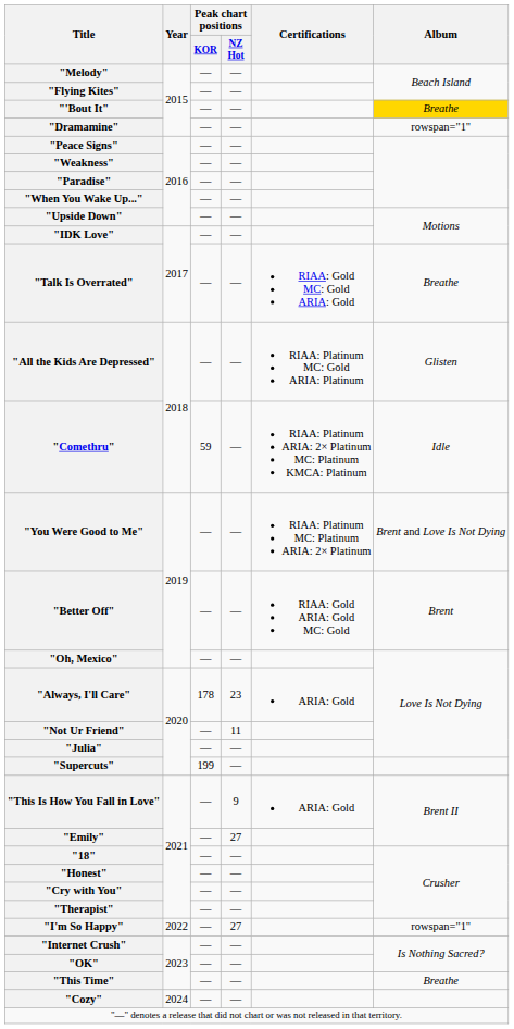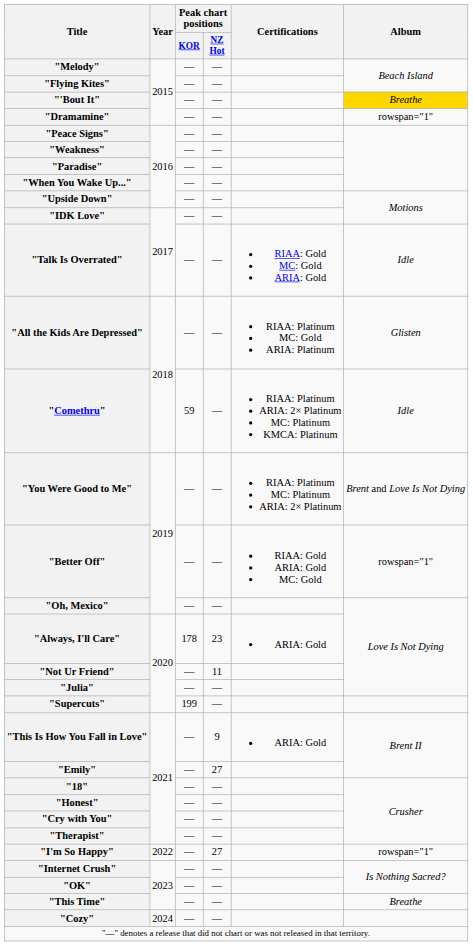 <table class="wikitable plainrowheaders" style="text-align:center;">
 <tr>
 <th scope="col" rowspan="2">Title</th>
 <th scope="col" rowspan="2">Year</th>
 <th colspan="2">Peak chart positions</th>
 <th rowspan="2">Certifications</th>
 <th scope="col" rowspan="2">Album</th>
 </tr>
 <tr>
 <th scope="col" style="width:2.5em;font-size:90%;"><a href='#'>KOR</a><br></th>
 <th scope="col" style="width:2.5em;font-size:90%;"><a href='#'>NZ<br>Hot</a><br></th>
 </tr>
 <tr>
 <th scope="row">"Melody"</th>
 <td rowspan="4">2015</td>
 <td>—</td>
 <td>—</td>
 <td></td>
 <td rowspan="2"><em>Beach Island</em></td>
 </tr>
 <tr>
 <th scope="row">"Flying Kites"</th>
 <td>—</td>
 <td>—</td>
 <td></td>
 </tr>
 <tr>
 <th scope="row">"'Bout It"<br></th>
 <td>—</td>
 <td>—</td>
 <td></td>
 <td style="background: gold;"><em>Breathe</em></td>
 </tr>
 <tr>
 <th scope="row">"Dramamine"</th>
 <td>—</td>
 <td>—</td>
 <td></td>
 <td>rowspan="1" </td>
 </tr>
 <tr>
 <th scope="row">"Peace Signs"</th>
 <td rowspan="5">2016</td>
 <td>—</td>
 <td>—</td>
 <td></td>
 </tr>
 <tr>
 <th scope="row">"Weakness"</th>
 <td>—</td>
 <td>—</td>
 <td></td>
 </tr>
 <tr>
 <th scope="row">"Paradise"<br></th>
 <td>—</td>
 <td>—</td>
 <td></td>
 </tr>
 <tr>
 <th scope="row">"When You Wake Up..."</th>
 <td>—</td>
 <td>—</td>
 <td></td>
 </tr>
 <tr>
 <th scope="row">"Upside Down"<br></th>
 <td>—</td>
 <td>—</td>
 <td></td>
 <td rowspan="2"><em>Motions</em></td>
 </tr>
 <tr>
 <th scope="row">"IDK Love"</th>
 <td rowspan="2">2017</td>
 <td>—</td>
 <td>—</td>
 <td></td>
 </tr>
 <tr>
 <th scope="row">"Talk Is Overrated"<br></th>
 <td>—</td>
 <td>—</td>
 <td><br><ul><li><a href='#'>RIAA</a>: Gold</li><li><a href='#'>MC</a>: Gold</li><li><a href='#'>ARIA</a>: Gold</li></ul></td>
-<td><em>Breathe</em></td>
+<td><em>Idle</em></td>
 </tr>
 <tr>
 <th scope="row">"All the Kids Are Depressed"</th>
 <td rowspan="2">2018</td>
 <td>—</td>
 <td>—</td>
 <td><br><ul><li>RIAA: Platinum</li><li>MC: Gold</li><li>ARIA: Platinum</li></ul></td>
 <td><em>Glisten</em></td>
 </tr>
 <tr>
 <th scope="row">"<a href='#'>Comethru</a>"<br></th>
 <td>59</td>
 <td>—</td>
 <td><br><ul><li>RIAA: Platinum</li><li>ARIA: 2× Platinum</li><li>MC: Platinum</li><li>KMCA: Platinum</li></ul></td>
 <td><em>Idle</em></td>
 </tr>
 <tr>
 <th scope="row">"You Were Good to Me"<br></th>
 <td rowspan="3">2019</td>
 <td>—</td>
 <td>—</td>
 <td><br><ul><li>RIAA: Platinum</li><li>MC: Platinum</li><li>ARIA: 2× Platinum</li></ul></td>
 <td><em>Brent</em> and <em>Love Is Not Dying</em></td>
 </tr>
 <tr>
 <th scope="row">"Better Off"<br></th>
 <td>—</td>
 <td>—</td>
 <td><br><ul><li>RIAA: Gold</li><li>ARIA: Gold</li><li>MC: Gold</li></ul></td>
-<td><em>Brent</em></td>
+<td>rowspan="1" </td>
 </tr>
 <tr>
 <th scope="row">"Oh, Mexico"</th>
 <td>—</td>
 <td>—</td>
 <td></td>
 <td rowspan="4"><em>Love Is Not Dying</em></td>
 </tr>
 <tr>
 <th scope="row">"Always, I'll Care"</th>
 <td rowspan="4">2020</td>
 <td>178</td>
 <td>23</td>
 <td><br><ul><li>ARIA: Gold</li></ul></td>
 </tr>
 <tr>
 <th scope="row">"Not Ur Friend"</th>
 <td>—</td>
 <td>11</td>
 <td></td>
 </tr>
 <tr>
 <th scope="row">"Julia"</th>
 <td>—</td>
 <td>—</td>
 <td></td>
 </tr>
 <tr>
 <th scope="row">"Supercuts"</th>
 <td>199</td>
 <td>—</td>
 <td></td>
 <td></td>
 </tr>
 <tr>
 <th scope="row">"This Is How You Fall in Love"<br></th>
 <td rowspan="6">2021</td>
 <td>—</td>
 <td>9</td>
 <td><br><ul><li>ARIA: Gold</li></ul></td>
 <td rowspan="2"><em>Brent II</em></td>
 </tr>
 <tr>
 <th scope="row">"Emily"<br></th>
 <td>—</td>
 <td>27</td>
 <td></td>
 </tr>
 <tr>
 <th scope="row">"18"</th>
 <td>—</td>
 <td>—</td>
 <td></td>
 <td rowspan="4"><em>Crusher</em></td>
 </tr>
 <tr>
 <th scope="row">"Honest"</th>
 <td>—</td>
 <td>—</td>
 <td></td>
 </tr>
 <tr>
 <th scope="row">"Cry with You"</th>
 <td>—</td>
 <td>—</td>
 <td></td>
 </tr>
 <tr>
 <th scope="row">"Therapist"</th>
 <td>—</td>
 <td>—</td>
 <td></td>
 </tr>
 <tr>
 <th scope="row">"I'm So Happy"<br></th>
 <td>2022</td>
 <td>—</td>
 <td>27</td>
 <td></td>
 <td>rowspan="1" </td>
 </tr>
 <tr>
 <th scope="row">"Internet Crush"</th>
 <td rowspan="3">2023</td>
 <td>—</td>
 <td>—</td>
 <td></td>
 <td rowspan="2"><em>Is Nothing Sacred?</em></td>
 </tr>
 <tr>
 <th scope="row">"OK"</th>
 <td>—</td>
 <td>—</td>
 <td></td>
 </tr>
 <tr>
 <th scope="row">"This Time"</th>
 <td>—</td>
 <td>—</td>
 <td></td>
 <td><em>Breathe</em></td>
 </tr>
 <tr>
 <th scope="row">"Cozy"<br></th>
 <td>2024</td>
 <td>—</td>
 <td>—</td>
 <td></td>
 </tr>
 <tr>
 <td colspan="6" style="font-size:85%">"—" denotes a release that did not chart or was not released in that territory.</td>
 </tr>
 </table>
